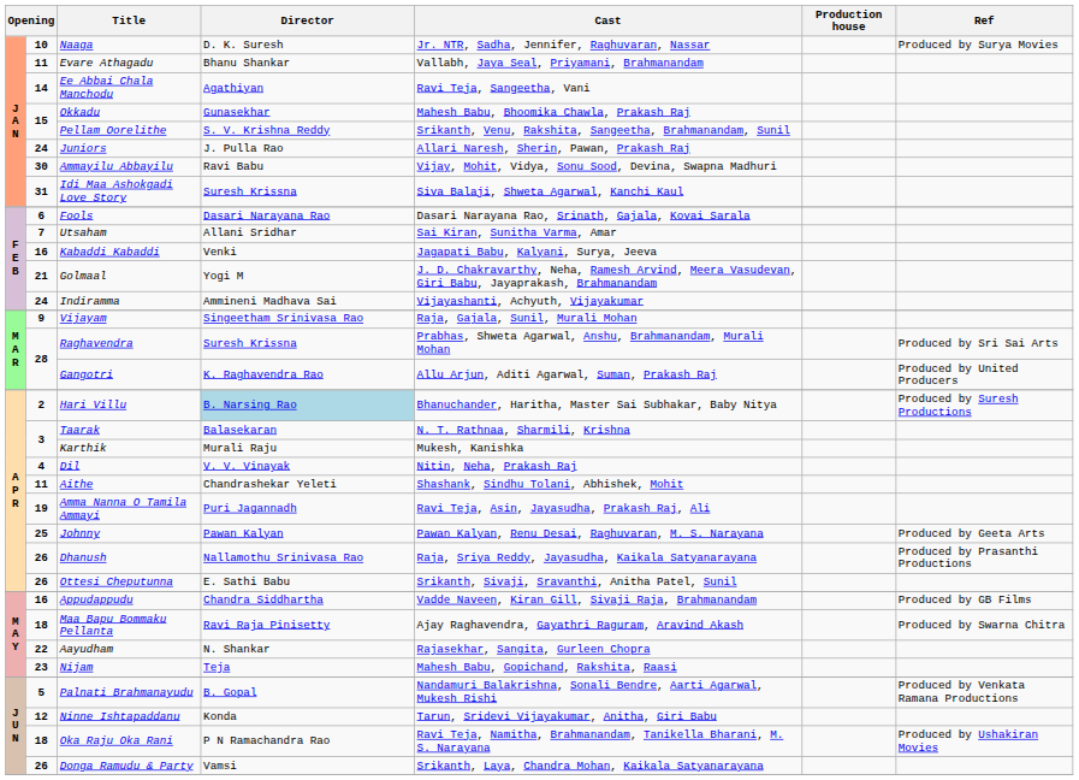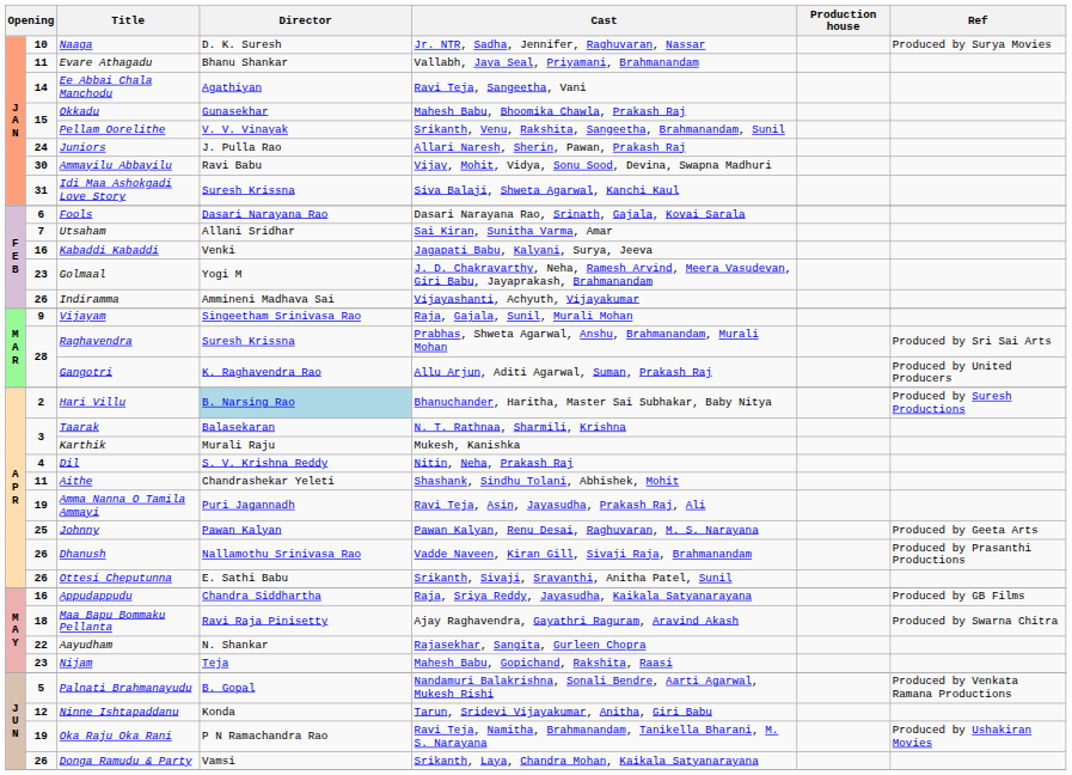 <table class="wikitable sortable">
 <tr style="background:#blue; text-align:center;">
 <th colspan="2">Opening</th>
 <th>Title</th>
 <th style="width:20%;"><strong>Director</strong></th>
 <th>Cast</th>
 <th>Production house</th>
 <th>Ref</th>
 </tr>
 <tr January!>
 <td rowspan="8" style="text-align:center; background:#FFA07A; textcolor:#000;"><strong>J<br>A<br>N</strong></td>
 <td rowspan="1" style="text-align:center;"><strong>10</strong></td>
 <td><em><a href='#'>Naaga</a></em></td>
 <td>D. K. Suresh</td>
 <td><a href='#'>Jr. NTR</a>, <a href='#'>Sadha</a>, Jennifer, <a href='#'>Raghuvaran</a>, <a href='#'>Nassar</a></td>
 <td></td>
 <td>Produced by Surya Movies</td>
 </tr>
 <tr>
 <td rowspan="1" style="text-align:center;"><strong>11</strong></td>
 <td><em>Evare Athagadu</em></td>
 <td>Bhanu Shankar</td>
 <td>Vallabh, <a href='#'>Jaya Seal</a>, <a href='#'>Priyamani</a>, <a href='#'>Brahmanandam</a></td>
 <td></td>
 <td></td>
 </tr>
 <tr>
 <td rowspan="1" style="text-align:center;"><strong>14</strong></td>
 <td><em><a href='#'>Ee Abbai Chala Manchodu</a></em></td>
 <td><a href='#'>Agathiyan</a></td>
 <td><a href='#'>Ravi Teja</a>, <a href='#'>Sangeetha</a>, Vani</td>
 <td></td>
 <td></td>
 </tr>
 <tr>
 <td rowspan="2" style="text-align:center;"><strong>15</strong></td>
 <td><em><a href='#'>Okkadu</a></em></td>
 <td><a href='#'>Gunasekhar</a></td>
 <td><a href='#'>Mahesh Babu</a>, <a href='#'>Bhoomika Chawla</a>, <a href='#'>Prakash Raj</a></td>
 <td></td>
 <td></td>
 </tr>
 <tr>
 <td><em><a href='#'>Pellam Oorelithe</a></em></td>
-<td><a href='#'>S. V. Krishna Reddy</a></td>
+<td><a href='#'>V. V. Vinayak</a></td>
 <td><a href='#'>Srikanth</a>, <a href='#'>Venu</a>, <a href='#'>Rakshita</a>, <a href='#'>Sangeetha</a>, <a href='#'>Brahmanandam</a>, <a href='#'>Sunil</a></td>
 <td></td>
 <td></td>
 </tr>
 <tr>
 <td rowspan="1" style="text-align:center;"><strong>24</strong></td>
 <td><em><a href='#'>Juniors</a></em></td>
 <td>J. Pulla Rao</td>
 <td><a href='#'>Allari Naresh</a>, <a href='#'>Sherin</a>, Pawan, <a href='#'>Prakash Raj</a></td>
 <td></td>
 <td></td>
 </tr>
 <tr>
 <td rowspan="1" style="text-align:center;"><strong>30</strong></td>
 <td><em><a href='#'>Ammayilu Abbayilu</a></em></td>
 <td>Ravi Babu</td>
 <td><a href='#'>Vijay</a>, <a href='#'>Mohit</a>, Vidya, <a href='#'>Sonu Sood</a>, Devina, Swapna Madhuri</td>
 <td></td>
 <td></td>
 </tr>
 <tr>
 <td rowspan="1" style="text-align:center;"><strong>31</strong></td>
 <td><em><a href='#'>Idi Maa Ashokgadi Love Story</a></em></td>
 <td><a href='#'>Suresh Krissna</a></td>
 <td><a href='#'>Siva Balaji</a>, <a href='#'>Shweta Agarwal</a>, <a href='#'>Kanchi Kaul</a></td>
 <td></td>
 <td></td>
 </tr>
 <tr>
 </tr>
 <tr February!>
 <td rowspan="5" valign="center" align="center" style="background:#D8BFD8; textcolor:#000;"><strong>F<br>E<br>B</strong></td>
 <td rowspan="1" style="text-align:center;"><strong>6</strong></td>
 <td><em><a href='#'>Fools</a></em></td>
 <td><a href='#'>Dasari Narayana Rao</a></td>
 <td>Dasari Narayana Rao, <a href='#'>Srinath</a>, <a href='#'>Gajala</a>, <a href='#'>Kovai Sarala</a></td>
 <td></td>
 <td></td>
 </tr>
 <tr>
 <td rowspan="1" style="text-align:center;"><strong>7</strong></td>
 <td><em>Utsaham</em></td>
 <td>Allani Sridhar</td>
 <td><a href='#'>Sai Kiran</a>, <a href='#'>Sunitha Varma</a>, Amar</td>
 <td></td>
 <td></td>
 </tr>
 <tr>
 <td rowspan="1" style="text-align:center;"><strong>16</strong></td>
 <td><em><a href='#'>Kabaddi Kabaddi</a></em></td>
 <td>Venki</td>
 <td><a href='#'>Jagapati Babu</a>, <a href='#'>Kalyani</a>, Surya, Jeeva</td>
 <td></td>
 <td></td>
 </tr>
 <tr>
-<td rowspan="1" style="text-align:center;"><strong>21</strong></td>
+<td rowspan="1" style="text-align:center;"><strong>23</strong></td>
 <td><em>Golmaal</em></td>
 <td>Yogi M</td>
 <td><a href='#'>J. D. Chakravarthy</a>, Neha, <a href='#'>Ramesh Arvind</a>, <a href='#'>Meera Vasudevan</a>, <a href='#'>Giri Babu</a>, Jayaprakash, <a href='#'>Brahmanandam</a></td>
 <td></td>
 <td></td>
 </tr>
 <tr>
-<td rowspan="1" style="text-align:center;"><strong>24</strong></td>
+<td rowspan="1" style="text-align:center;"><strong>26</strong></td>
 <td><em>Indiramma</em></td>
 <td>Ammineni Madhava Sai</td>
 <td><a href='#'>Vijayashanti</a>, Achyuth, <a href='#'>Vijayakumar</a></td>
 <td></td>
 <td></td>
 </tr>
 <tr>
 </tr>
 <tr March!>
 <td rowspan="3" valign="center" align="center" style="background:#98FB98; textcolor:#000;"><strong>M<br>A<br>R</strong></td>
 <td rowspan="1" style="text-align:center;"><strong>9</strong></td>
 <td><em><a href='#'>Vijayam</a></em></td>
 <td><a href='#'>Singeetham Srinivasa Rao</a></td>
 <td><a href='#'>Raja</a>, <a href='#'>Gajala</a>, <a href='#'>Sunil</a>, <a href='#'>Murali Mohan</a></td>
 <td></td>
 <td></td>
 </tr>
 <tr>
 <td rowspan="2" style="text-align:center;"><strong>28</strong></td>
 <td><em><a href='#'>Raghavendra</a></em></td>
 <td><a href='#'>Suresh Krissna</a></td>
 <td><a href='#'>Prabhas</a>, Shweta Agarwal, <a href='#'>Anshu</a>, <a href='#'>Brahmanandam</a>, <a href='#'>Murali Mohan</a></td>
 <td></td>
 <td>Produced by Sri Sai Arts</td>
 </tr>
 <tr>
 <td><em><a href='#'>Gangotri</a></em></td>
 <td><a href='#'>K. Raghavendra Rao</a></td>
 <td><a href='#'>Allu Arjun</a>, Aditi Agarwal, <a href='#'>Suman</a>, <a href='#'>Prakash Raj</a></td>
 <td></td>
 <td>Produced by United Producers</td>
 </tr>
 <tr>
 </tr>
 <tr April!>
 <td rowspan="9" valign="center" align="center" style="background:#FFDEAD; textcolor:#000;"><strong>A<br>P<br>R</strong></td>
 <td rowspan="1" style="text-align:center;"><strong>2</strong></td>
 <td><em><a href='#'>Hari Villu</a></em></td>
 <td style="background: lightblue;"><a href='#'>B. Narsing Rao</a></td>
 <td><a href='#'>Bhanuchander</a>, Haritha, Master Sai Subhakar, Baby Nitya</td>
 <td></td>
 <td>Produced by <a href='#'>Suresh Productions</a></td>
 </tr>
 <tr>
 <td rowspan="2" style="text-align:center;"><strong>3</strong></td>
 <td><em><a href='#'>Taarak</a></em></td>
 <td><a href='#'>Balasekaran</a></td>
 <td><a href='#'>N. T. Rathnaa</a>, <a href='#'>Sharmili</a>, <a href='#'>Krishna</a></td>
 <td></td>
 <td></td>
 </tr>
 <tr>
 <td><em>Karthik</em></td>
 <td>Murali Raju</td>
 <td>Mukesh, Kanishka</td>
 <td></td>
 <td></td>
 </tr>
 <tr>
 <td rowspan="1" style="text-align:center;"><strong>4</strong></td>
 <td><em><a href='#'>Dil</a></em></td>
-<td><a href='#'>V. V. Vinayak</a></td>
+<td><a href='#'>S. V. Krishna Reddy</a></td>
 <td><a href='#'>Nitin</a>, <a href='#'>Neha</a>, <a href='#'>Prakash Raj</a></td>
 <td></td>
 <td></td>
 </tr>
 <tr>
 <td rowspan="1" style="text-align:center;"><strong>11</strong></td>
 <td><em><a href='#'>Aithe</a></em></td>
 <td>Chandrashekar Yeleti</td>
 <td><a href='#'>Shashank</a>, <a href='#'>Sindhu Tolani</a>, Abhishek, <a href='#'>Mohit</a></td>
 <td></td>
 <td></td>
 </tr>
 <tr>
 <td rowspan="1" style="text-align:center;"><strong>19</strong></td>
 <td><em><a href='#'>Amma Nanna O Tamila Ammayi</a></em></td>
 <td><a href='#'>Puri Jagannadh</a></td>
 <td><a href='#'>Ravi Teja</a>, <a href='#'>Asin</a>, <a href='#'>Jayasudha</a>, <a href='#'>Prakash Raj</a>, <a href='#'>Ali</a></td>
 <td></td>
 <td></td>
 </tr>
 <tr>
 <td rowspan="1" style="text-align:center;"><strong>25</strong></td>
 <td><em><a href='#'>Johnny</a></em></td>
 <td><a href='#'>Pawan Kalyan</a></td>
 <td><a href='#'>Pawan Kalyan</a>, <a href='#'>Renu Desai</a>, <a href='#'>Raghuvaran</a>, <a href='#'>M. S. Narayana</a></td>
 <td></td>
 <td>Produced by Geeta Arts</td>
 </tr>
 <tr>
 <td rowspan="1" style="text-align:center;"><strong>26</strong></td>
 <td><em><a href='#'>Dhanush</a></em></td>
 <td><a href='#'>Nallamothu Srinivasa Rao</a></td>
-<td><a href='#'>Raja</a>, <a href='#'>Sriya Reddy</a>, <a href='#'>Jayasudha</a>, <a href='#'>Kaikala Satyanarayana</a></td>
+<td><a href='#'>Vadde Naveen</a>, <a href='#'>Kiran Gill</a>, <a href='#'>Sivaji Raja</a>, <a href='#'>Brahmanandam</a></td>
 <td></td>
 <td>Produced by Prasanthi Productions</td>
 </tr>
 <tr>
 <td rowspan="1" style="text-align:center;"><strong>26</strong></td>
 <td><em><a href='#'>Ottesi Cheputunna</a></em></td>
 <td>E. Sathi Babu</td>
 <td><a href='#'>Srikanth</a>, <a href='#'>Sivaji</a>, <a href='#'>Sravanthi</a>, Anitha Patel, <a href='#'>Sunil</a></td>
 <td></td>
 <td></td>
 </tr>
 <tr>
 </tr>
 <tr May!>
 <td rowspan="4" valign="center" align="center" style="background:#edafaf; textcolor:#000;"><strong>M<br>A<br>Y</strong></td>
 <td rowspan="1" style="text-align:center;"><strong>16</strong></td>
 <td><em><a href='#'>Appudappudu</a></em></td>
 <td><a href='#'>Chandra Siddhartha</a></td>
-<td><a href='#'>Vadde Naveen</a>, <a href='#'>Kiran Gill</a>, <a href='#'>Sivaji Raja</a>, <a href='#'>Brahmanandam</a></td>
+<td><a href='#'>Raja</a>, <a href='#'>Sriya Reddy</a>, <a href='#'>Jayasudha</a>, <a href='#'>Kaikala Satyanarayana</a></td>
 <td></td>
 <td>Produced by GB Films</td>
 </tr>
 <tr>
 <td rowspan="1" style="text-align:center;"><strong>18</strong></td>
 <td><em><a href='#'>Maa Bapu Bommaku Pellanta</a></em></td>
 <td><a href='#'>Ravi Raja Pinisetty</a></td>
 <td>Ajay Raghavendra, <a href='#'>Gayathri Raguram</a>, <a href='#'>Aravind Akash</a></td>
 <td></td>
 <td>Produced by Swarna Chitra</td>
 </tr>
 <tr>
 <td rowspan="1" style="text-align:center;"><strong>22</strong></td>
 <td><em>Aayudham</em></td>
 <td>N. Shankar</td>
 <td><a href='#'>Rajasekhar</a>, <a href='#'>Sangita</a>, <a href='#'>Gurleen Chopra</a></td>
 <td></td>
 <td></td>
 </tr>
 <tr>
 <td rowspan="1" style="text-align:center;"><strong>23</strong></td>
 <td><em><a href='#'>Nijam</a></em></td>
 <td><a href='#'>Teja</a></td>
 <td><a href='#'>Mahesh Babu</a>, <a href='#'>Gopichand</a>, <a href='#'>Rakshita</a>, <a href='#'>Raasi</a></td>
 <td></td>
 <td></td>
 </tr>
 <tr>
 </tr>
 <tr June!>
 <td rowspan="4" valign="center" align="center" style="background:#d9c1b0; textcolor:#000;"><strong>J<br>U<br>N</strong></td>
 <td style="text-align:center;"><strong>5</strong></td>
 <td><em><a href='#'>Palnati Brahmanayudu</a></em></td>
 <td><a href='#'>B. Gopal</a></td>
 <td><a href='#'>Nandamuri Balakrishna</a>, <a href='#'>Sonali Bendre</a>, <a href='#'>Aarti Agarwal</a>, <a href='#'>Mukesh Rishi</a></td>
 <td></td>
 <td>Produced by Venkata Ramana Productions</td>
 </tr>
 <tr>
 <td rowspan="1" style="text-align:center;"><strong>12</strong></td>
 <td><em><a href='#'>Ninne Ishtapaddanu</a></em></td>
 <td>Konda</td>
 <td><a href='#'>Tarun</a>, <a href='#'>Sridevi Vijayakumar</a>, <a href='#'>Anitha</a>, <a href='#'>Giri Babu</a></td>
 <td></td>
 <td></td>
 </tr>
 <tr>
-<td rowspan="1" style="text-align:center;"><strong>18</strong></td>
+<td rowspan="1" style="text-align:center;"><strong>19</strong></td>
 <td><em><a href='#'>Oka Raju Oka Rani</a></em></td>
 <td>P N Ramachandra Rao</td>
 <td><a href='#'>Ravi Teja</a>, <a href='#'>Namitha</a>, <a href='#'>Brahmanandam</a>, <a href='#'>Tanikella Bharani</a>, <a href='#'>M. S. Narayana</a></td>
 <td></td>
 <td>Produced by <a href='#'>Ushakiran Movies</a></td>
 </tr>
 <tr>
 <td rowspan="1" style="text-align:center;"><strong>26</strong></td>
 <td><em><a href='#'>Donga Ramudu & Party</a></em></td>
 <td>Vamsi</td>
 <td><a href='#'>Srikanth</a>, <a href='#'>Laya</a>, <a href='#'>Chandra Mohan</a>, <a href='#'>Kaikala Satyanarayana</a></td>
 <td></td>
 <td></td>
 </tr>
 <tr>
 </tr>
 </table>
